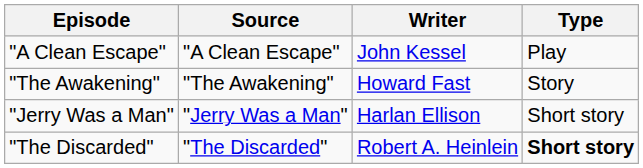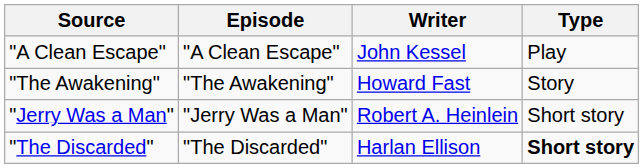 <table class="wikitable">
 <tr>
+<th>Source</th>
 <th>Episode</th>
-<th>Source</th>
 <th>Writer</th>
 <th>Type</th>
 </tr>
 <tr>
 <td>"A Clean Escape"</td>
 <td>"A Clean Escape"</td>
 <td><a href='#'>John Kessel</a></td>
 <td>Play</td>
 </tr>
 <tr>
 <td>"The Awakening"</td>
 <td>"The Awakening"</td>
 <td><a href='#'>Howard Fast</a></td>
 <td>Story</td>
 </tr>
 <tr>
+<td>"<a href='#'>Jerry Was a Man</a>"</td>
 <td>"Jerry Was a Man"</td>
-<td>"<a href='#'>Jerry Was a Man</a>"</td>
-<td><a href='#'>Harlan Ellison</a></td>
+<td><a href='#'>Robert A. Heinlein</a></td>
 <td>Short story</td>
 </tr>
 <tr>
+<td>"<a href='#'>The Discarded</a>"</td>
 <td>"The Discarded"</td>
-<td>"<a href='#'>The Discarded</a>"</td>
-<td><a href='#'>Robert A. Heinlein</a></td>
+<td><a href='#'>Harlan Ellison</a></td>
 <td><strong>Short story</strong></td>
 </tr>
 </table>
